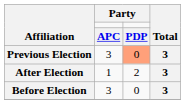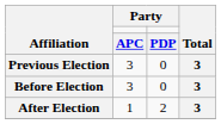 <table class=wikitable style="text-align:center">
 <tr style="vertical-align:bottom;">
 <th rowspan=3>Affiliation</th>
 <th colspan=2>Party</th>
 <th rowspan=3>Total</th>
 </tr>
 <tr>
 <td style="background-color:"></td>
 <td style="background-color:"></td>
 </tr>
 <tr>
 <th><a href='#'>APC</a></th>
 <th><a href='#'>PDP</a></th>
 </tr>
 <tr>
 <th>Previous Election</th>
 <td>3</td>
-<td style="background: lightsalmon;">0</td>
+<td>0</td>
+<th>3</th>
+</tr>
+<tr>
+<th>Before Election</th>
+<td>3</td>
+<td>0</td>
 <th>3</th>
 </tr>
 <tr>
 <th>After Election</th>
 <td>1</td>
 <td>2</td>
 <th>3</th>
 </tr>
 <tr>
-<th>Before Election</th>
-<td>3</td>
-<td>0</td>
-<th>3</th>
-</tr>
-<tr>
 </tr>
 </table>
